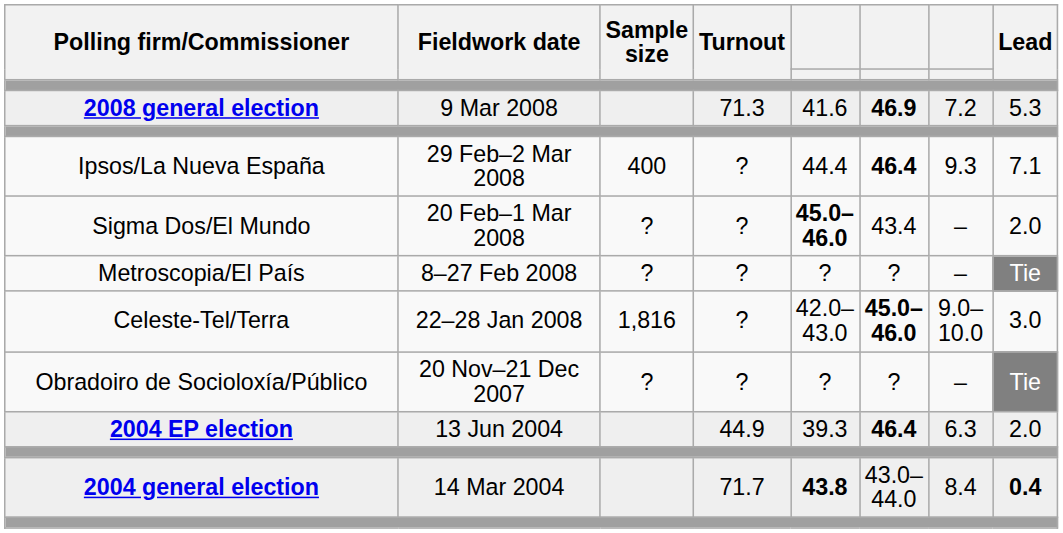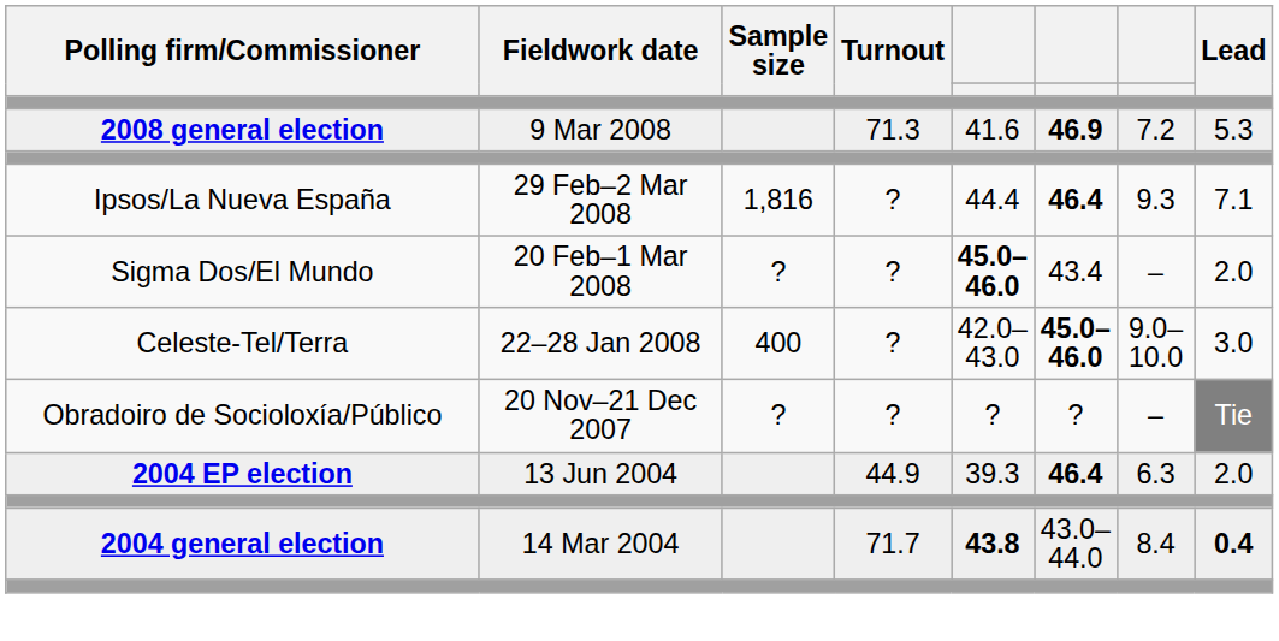 <table class="wikitable collapsible collapsed" style="text-align:center; font-size:95%; line-height:16px;">
 <tr style="height:42px;">
 <th style="width:250px;" rowspan="2">Polling firm/Commissioner</th>
 <th style="width:125px;" rowspan="2">Fieldwork date</th>
 <th style="width:50px;" rowspan="2">Sample size</th>
 <th style="width:45px;" rowspan="2">Turnout</th>
 <th style="width:35px;"></th>
 <th style="width:35px;"></th>
 <th style="width:35px;"></th>
 <th style="width:30px;" rowspan="2">Lead</th>
 </tr>
 <tr>
 <th style="color:inherit;background:"></th>
 <th style="color:inherit;background:"></th>
 <th style="color:inherit;background:"></th>
 </tr>
 <tr>
 <td colspan="8" style="background:#A0A0A0"></td>
 </tr>
 <tr style="background:#EFEFEF;">
 <td><strong><a href='#'>2008 general election</a></strong></td>
 <td>9 Mar 2008</td>
 <td></td>
 <td>71.3</td>
 <td>41.6<br></td>
 <td><strong>46.9</strong><br></td>
 <td>7.2<br></td>
 <td style="background:">5.3</td>
 </tr>
 <tr>
 <td colspan="8" style="background:#A0A0A0"></td>
 </tr>
 <tr>
 <td>Ipsos/La Nueva España</td>
 <td>29 Feb–2 Mar 2008</td>
-<td>400</td>
+<td>1,816</td>
 <td>?</td>
 <td>44.4<br></td>
 <td><strong>46.4</strong><br></td>
 <td>9.3<br></td>
 <td style="background:">7.1</td>
 </tr>
 <tr>
 <td>Sigma Dos/El Mundo</td>
 <td>20 Feb–1 Mar 2008</td>
 <td>?</td>
 <td>?</td>
 <td><strong>45.0–<br>46.0</strong><br></td>
 <td>43.4<br></td>
 <td>–</td>
 <td style="background:">2.0</td>
 </tr>
 <tr>
-<td>Metroscopia/El País</td>
-<td>8–27 Feb 2008</td>
-<td>?</td>
-<td>?</td>
-<td>?<br></td>
-<td>?<br></td>
-<td>–</td>
-<td style="background:gray;color:white;">Tie</td>
-</tr>
-<tr>
 <td>Celeste-Tel/Terra</td>
 <td>22–28 Jan 2008</td>
-<td>1,816</td>
+<td>400</td>
 <td>?</td>
 <td>42.0–<br>43.0<br></td>
 <td><strong>45.0–<br>46.0</strong><br></td>
 <td>9.0–<br>10.0<br></td>
 <td style="background:">3.0</td>
 </tr>
 <tr>
 <td>Obradoiro de Socioloxía/Público</td>
 <td>20 Nov–21 Dec 2007</td>
 <td>?</td>
 <td>?</td>
 <td>?<br></td>
 <td>?<br></td>
 <td>–</td>
 <td style="background:gray;color:white;">Tie</td>
 </tr>
 <tr style="background:#EFEFEF;">
 <td><strong><a href='#'>2004 EP election</a></strong></td>
 <td>13 Jun 2004</td>
 <td></td>
 <td>44.9</td>
 <td>39.3<br></td>
 <td><strong>46.4</strong><br></td>
 <td>6.3<br></td>
 <td style="background:">2.0</td>
 </tr>
 <tr>
 <td colspan="8" style="background:#A0A0A0"></td>
 </tr>
 <tr style="background:#EFEFEF;">
 <td><strong><a href='#'>2004 general election</a></strong></td>
 <td>14 Mar 2004</td>
 <td></td>
 <td>71.7</td>
 <td><strong>43.8</strong><br></td>
 <td>43.0–<br>44.0<br></td>
 <td>8.4<br></td>
 <td style="background:"><strong>0.4</strong></td>
 </tr>
 <tr>
 <td colspan="8" style="background:#A0A0A0"></td>
 </tr>
 </table>
